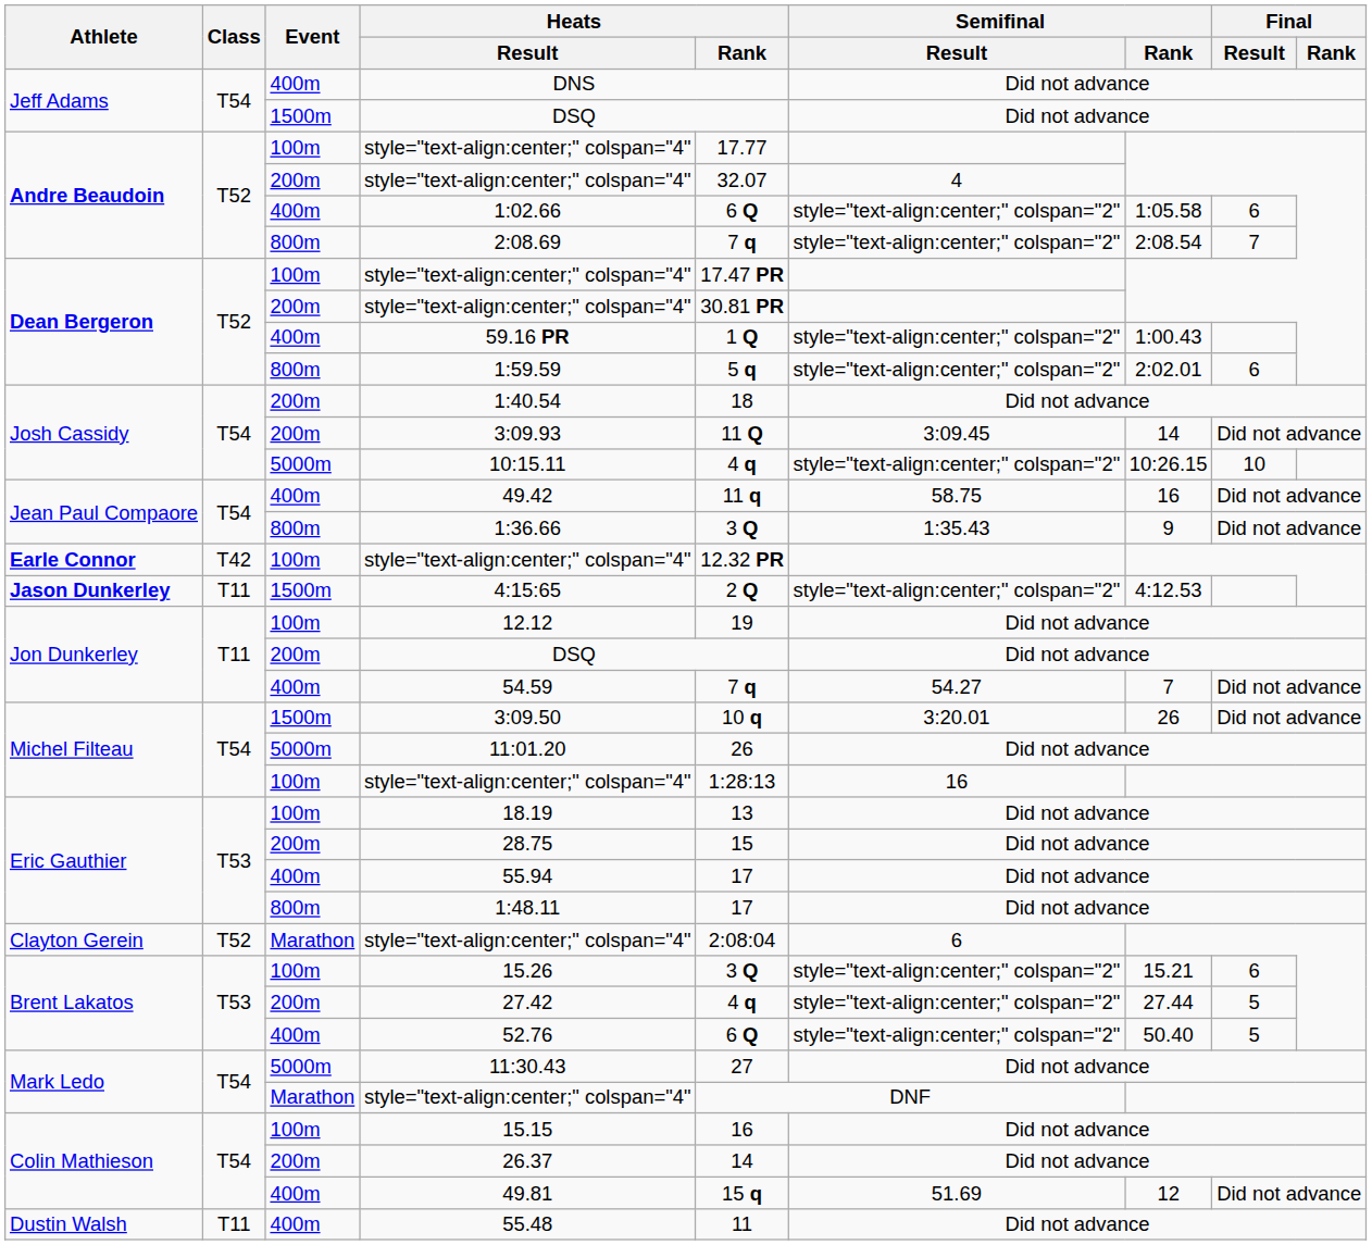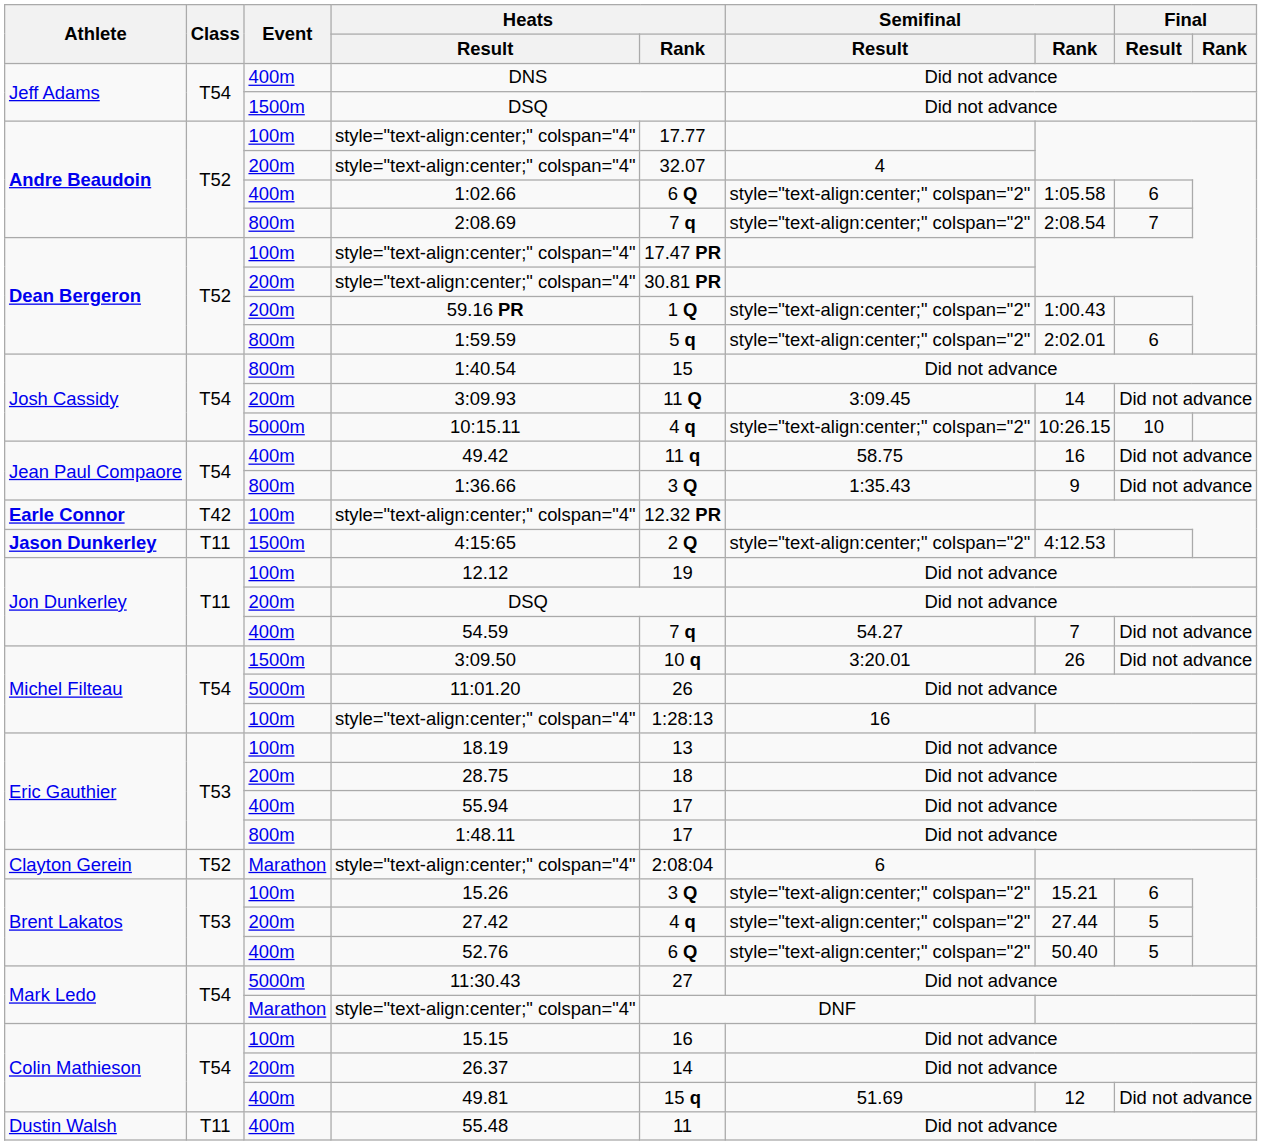 <table class=wikitable style="font-size:90%">
 <tr>
 <th rowspan="2">Athlete</th>
 <th rowspan="2">Class</th>
 <th rowspan="2">Event</th>
 <th colspan="2">Heats</th>
 <th colspan="2">Semifinal</th>
 <th colspan="2">Final</th>
 </tr>
 <tr>
 <th>Result</th>
 <th>Rank</th>
 <th>Result</th>
 <th>Rank</th>
 <th>Result</th>
 <th>Rank</th>
 </tr>
 <tr>
 <td rowspan="2"><a href='#'>Jeff Adams</a></td>
 <td rowspan="2" style="text-align:center;">T54</td>
 <td><a href='#'>400m</a></td>
 <td style="text-align:center;" colspan="2">DNS</td>
 <td style="text-align:center;" colspan="4">Did not advance</td>
 </tr>
 <tr>
 <td><a href='#'>1500m</a></td>
 <td style="text-align:center;" colspan="2">DSQ</td>
 <td style="text-align:center;" colspan="4">Did not advance</td>
 </tr>
 <tr>
 <td rowspan="4"><strong><a href='#'>Andre Beaudoin</a></strong></td>
 <td rowspan="4" style="text-align:center;">T52</td>
 <td><a href='#'>100m</a></td>
 <td>style="text-align:center;" colspan="4" </td>
 <td style="text-align:center;">17.77</td>
 <td style="text-align:center;"></td>
 </tr>
 <tr>
 <td><a href='#'>200m</a></td>
 <td>style="text-align:center;" colspan="4" </td>
 <td style="text-align:center;">32.07</td>
 <td style="text-align:center;">4</td>
 </tr>
 <tr>
 <td><a href='#'>400m</a></td>
 <td style="text-align:center;">1:02.66</td>
 <td style="text-align:center;">6 <strong>Q</strong></td>
 <td>style="text-align:center;" colspan="2" </td>
 <td style="text-align:center;">1:05.58</td>
 <td style="text-align:center;">6</td>
 </tr>
 <tr>
 <td><a href='#'>800m</a></td>
 <td style="text-align:center;">2:08.69</td>
 <td style="text-align:center;">7 <strong>q</strong></td>
 <td>style="text-align:center;" colspan="2" </td>
 <td style="text-align:center;">2:08.54</td>
 <td style="text-align:center;">7</td>
 </tr>
 <tr>
 <td rowspan="4"><strong><a href='#'>Dean Bergeron</a></strong></td>
 <td rowspan="4" style="text-align:center;">T52</td>
 <td><a href='#'>100m</a></td>
 <td>style="text-align:center;" colspan="4" </td>
 <td style="text-align:center;">17.47 <strong>PR</strong></td>
 <td style="text-align:center;"></td>
 </tr>
 <tr>
 <td><a href='#'>200m</a></td>
 <td>style="text-align:center;" colspan="4" </td>
 <td style="text-align:center;">30.81 <strong>PR</strong></td>
 <td style="text-align:center;"></td>
 </tr>
 <tr>
-<td><a href='#'>400m</a></td>
+<td><a href='#'>200m</a></td>
 <td style="text-align:center;">59.16 <strong>PR</strong></td>
 <td style="text-align:center;">1 <strong>Q</strong></td>
 <td>style="text-align:center;" colspan="2" </td>
 <td style="text-align:center;">1:00.43</td>
 <td style="text-align:center;"></td>
 </tr>
 <tr>
 <td><a href='#'>800m</a></td>
 <td style="text-align:center;">1:59.59</td>
 <td style="text-align:center;">5 <strong>q</strong></td>
 <td>style="text-align:center;" colspan="2" </td>
 <td style="text-align:center;">2:02.01</td>
 <td style="text-align:center;">6</td>
 </tr>
 <tr>
 <td rowspan="3"><a href='#'>Josh Cassidy</a></td>
 <td rowspan="3" style="text-align:center;">T54</td>
-<td><a href='#'>200m</a></td>
+<td><a href='#'>800m</a></td>
 <td style="text-align:center;">1:40.54</td>
-<td style="text-align:center;">18</td>
+<td style="text-align:center;">15</td>
 <td style="text-align:center;" colspan="4">Did not advance</td>
 </tr>
 <tr>
 <td><a href='#'>200m</a></td>
 <td style="text-align:center;">3:09.93</td>
 <td style="text-align:center;">11 <strong>Q</strong></td>
 <td style="text-align:center;">3:09.45</td>
 <td style="text-align:center;">14</td>
 <td style="text-align:center;" colspan="2">Did not advance</td>
 </tr>
 <tr>
 <td><a href='#'>5000m</a></td>
 <td style="text-align:center;">10:15.11</td>
 <td style="text-align:center;">4 <strong>q</strong></td>
 <td>style="text-align:center;" colspan="2" </td>
 <td style="text-align:center;">10:26.15</td>
 <td style="text-align:center;">10</td>
 </tr>
 <tr>
 <td rowspan="2"><a href='#'>Jean Paul Compaore</a></td>
 <td rowspan="2" style="text-align:center;">T54</td>
 <td><a href='#'>400m</a></td>
 <td style="text-align:center;">49.42</td>
 <td style="text-align:center;">11 <strong>q</strong></td>
 <td style="text-align:center;">58.75</td>
 <td style="text-align:center;">16</td>
 <td style="text-align:center;" colspan="2">Did not advance</td>
 </tr>
 <tr>
 <td><a href='#'>800m</a></td>
 <td style="text-align:center;">1:36.66</td>
 <td style="text-align:center;">3 <strong>Q</strong></td>
 <td style="text-align:center;">1:35.43</td>
 <td style="text-align:center;">9</td>
 <td style="text-align:center;" colspan="2">Did not advance</td>
 </tr>
 <tr>
 <td><strong><a href='#'>Earle Connor</a></strong></td>
 <td style="text-align:center;">T42</td>
 <td><a href='#'>100m</a></td>
 <td>style="text-align:center;" colspan="4" </td>
 <td style="text-align:center;">12.32 <strong>PR</strong></td>
 <td style="text-align:center;"></td>
 </tr>
 <tr>
 <td><strong><a href='#'>Jason Dunkerley</a></strong></td>
 <td style="text-align:center;">T11</td>
 <td><a href='#'>1500m</a></td>
 <td style="text-align:center;">4:15:65</td>
 <td style="text-align:center;">2 <strong>Q</strong></td>
 <td>style="text-align:center;" colspan="2" </td>
 <td style="text-align:center;">4:12.53</td>
 <td style="text-align:center;"></td>
 </tr>
 <tr>
 <td rowspan="3"><a href='#'>Jon Dunkerley</a></td>
 <td rowspan="3" style="text-align:center;">T11</td>
 <td><a href='#'>100m</a></td>
 <td style="text-align:center;">12.12</td>
 <td style="text-align:center;">19</td>
 <td style="text-align:center;" colspan="4">Did not advance</td>
 </tr>
 <tr>
 <td><a href='#'>200m</a></td>
 <td style="text-align:center;" colspan="2">DSQ</td>
 <td style="text-align:center;" colspan="4">Did not advance</td>
 </tr>
 <tr>
 <td><a href='#'>400m</a></td>
 <td style="text-align:center;">54.59</td>
 <td style="text-align:center;">7 <strong>q</strong></td>
 <td style="text-align:center;">54.27</td>
 <td style="text-align:center;">7</td>
 <td style="text-align:center;" colspan="2">Did not advance</td>
 </tr>
 <tr>
 <td rowspan="3"><a href='#'>Michel Filteau</a></td>
 <td rowspan="3" style="text-align:center;">T54</td>
 <td><a href='#'>1500m</a></td>
 <td style="text-align:center;">3:09.50</td>
 <td style="text-align:center;">10 <strong>q</strong></td>
 <td style="text-align:center;">3:20.01</td>
 <td style="text-align:center;">26</td>
 <td style="text-align:center;" colspan="2">Did not advance</td>
 </tr>
 <tr>
 <td><a href='#'>5000m</a></td>
 <td style="text-align:center;">11:01.20</td>
 <td style="text-align:center;">26</td>
 <td style="text-align:center;" colspan="4">Did not advance</td>
 </tr>
 <tr>
 <td><a href='#'>100m</a></td>
 <td>style="text-align:center;" colspan="4" </td>
 <td style="text-align:center;">1:28:13</td>
 <td style="text-align:center;">16</td>
 </tr>
 <tr>
 <td rowspan="4"><a href='#'>Eric Gauthier</a></td>
 <td rowspan="4" style="text-align:center;">T53</td>
 <td><a href='#'>100m</a></td>
 <td style="text-align:center;">18.19</td>
 <td style="text-align:center;">13</td>
 <td style="text-align:center;" colspan="4">Did not advance</td>
 </tr>
 <tr>
 <td><a href='#'>200m</a></td>
 <td style="text-align:center;">28.75</td>
-<td style="text-align:center;">15</td>
+<td style="text-align:center;">18</td>
 <td style="text-align:center;" colspan="4">Did not advance</td>
 </tr>
 <tr>
 <td><a href='#'>400m</a></td>
 <td style="text-align:center;">55.94</td>
 <td style="text-align:center;">17</td>
 <td style="text-align:center;" colspan="4">Did not advance</td>
 </tr>
 <tr>
 <td><a href='#'>800m</a></td>
 <td style="text-align:center;">1:48.11</td>
 <td style="text-align:center;">17</td>
 <td style="text-align:center;" colspan="4">Did not advance</td>
 </tr>
 <tr>
 <td><a href='#'>Clayton Gerein</a></td>
 <td style="text-align:center;">T52</td>
 <td><a href='#'>Marathon</a></td>
 <td>style="text-align:center;" colspan="4" </td>
 <td style="text-align:center;">2:08:04</td>
 <td style="text-align:center;">6</td>
 </tr>
 <tr>
 <td rowspan="3"><a href='#'>Brent Lakatos</a></td>
 <td rowspan="3" style="text-align:center;">T53</td>
 <td><a href='#'>100m</a></td>
 <td style="text-align:center;">15.26</td>
 <td style="text-align:center;">3 <strong>Q</strong></td>
 <td>style="text-align:center;" colspan="2" </td>
 <td style="text-align:center;">15.21</td>
 <td style="text-align:center;">6</td>
 </tr>
 <tr>
 <td><a href='#'>200m</a></td>
 <td style="text-align:center;">27.42</td>
 <td style="text-align:center;">4 <strong>q</strong></td>
 <td>style="text-align:center;" colspan="2" </td>
 <td style="text-align:center;">27.44</td>
 <td style="text-align:center;">5</td>
 </tr>
 <tr>
 <td><a href='#'>400m</a></td>
 <td style="text-align:center;">52.76</td>
 <td style="text-align:center;">6 <strong>Q</strong></td>
 <td>style="text-align:center;" colspan="2" </td>
 <td style="text-align:center;">50.40</td>
 <td style="text-align:center;">5</td>
 </tr>
 <tr>
 <td rowspan="2"><a href='#'>Mark Ledo</a></td>
 <td rowspan="2" style="text-align:center;">T54</td>
 <td><a href='#'>5000m</a></td>
 <td style="text-align:center;">11:30.43</td>
 <td style="text-align:center;">27</td>
 <td style="text-align:center;" colspan="4">Did not advance</td>
 </tr>
 <tr>
 <td><a href='#'>Marathon</a></td>
 <td>style="text-align:center;" colspan="4" </td>
 <td style="text-align:center;" colspan="2">DNF</td>
 </tr>
 <tr>
 <td rowspan="3"><a href='#'>Colin Mathieson</a></td>
 <td rowspan="3" style="text-align:center;">T54</td>
 <td><a href='#'>100m</a></td>
 <td style="text-align:center;">15.15</td>
 <td style="text-align:center;">16</td>
 <td style="text-align:center;" colspan="4">Did not advance</td>
 </tr>
 <tr>
 <td><a href='#'>200m</a></td>
 <td style="text-align:center;">26.37</td>
 <td style="text-align:center;">14</td>
 <td style="text-align:center;" colspan="4">Did not advance</td>
 </tr>
 <tr>
 <td><a href='#'>400m</a></td>
 <td style="text-align:center;">49.81</td>
 <td style="text-align:center;">15 <strong>q</strong></td>
 <td style="text-align:center;">51.69</td>
 <td style="text-align:center;">12</td>
 <td style="text-align:center;" colspan="2">Did not advance</td>
 </tr>
 <tr>
 <td><a href='#'>Dustin Walsh</a></td>
 <td style="text-align:center;">T11</td>
 <td><a href='#'>400m</a></td>
 <td style="text-align:center;">55.48</td>
 <td style="text-align:center;">11</td>
 <td style="text-align:center;" colspan="4">Did not advance</td>
 </tr>
 </table>
